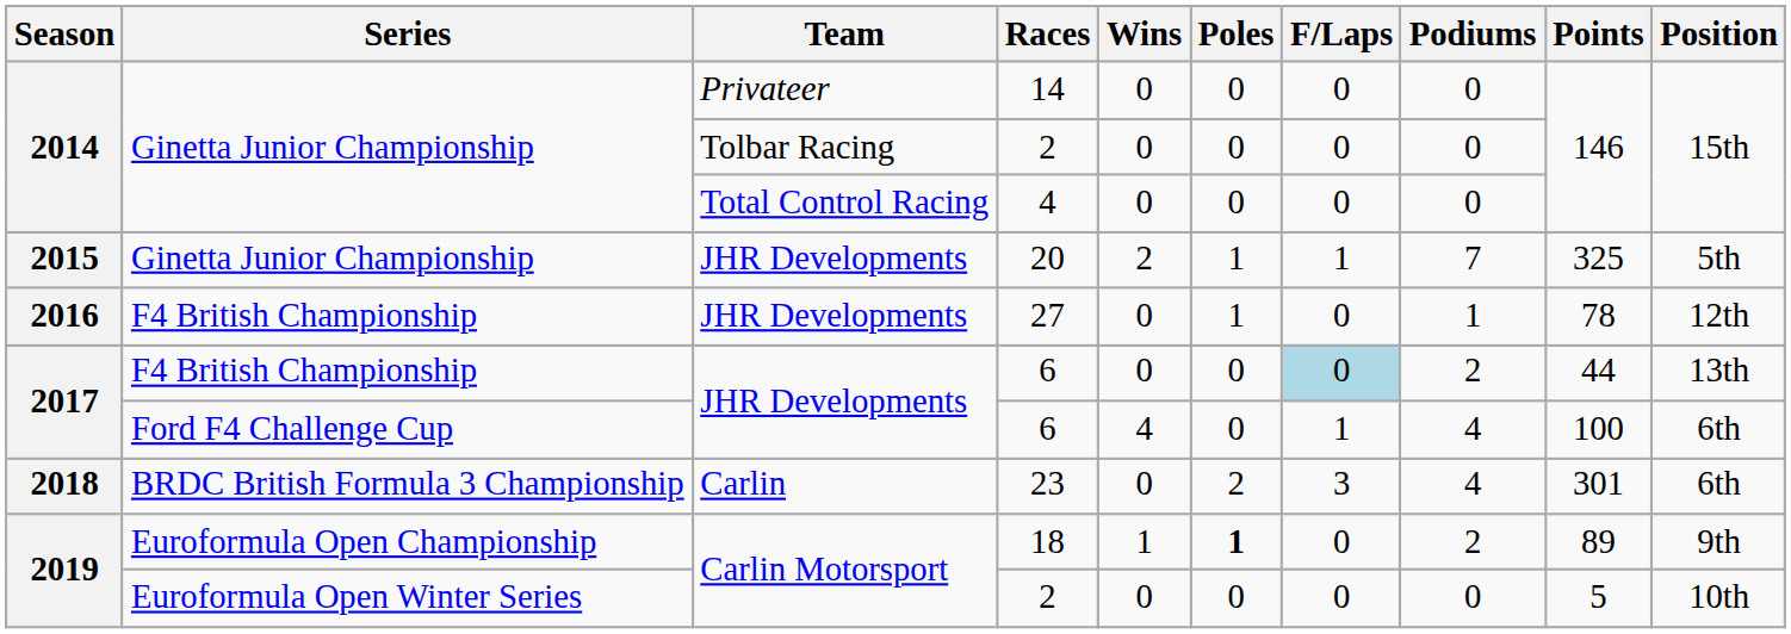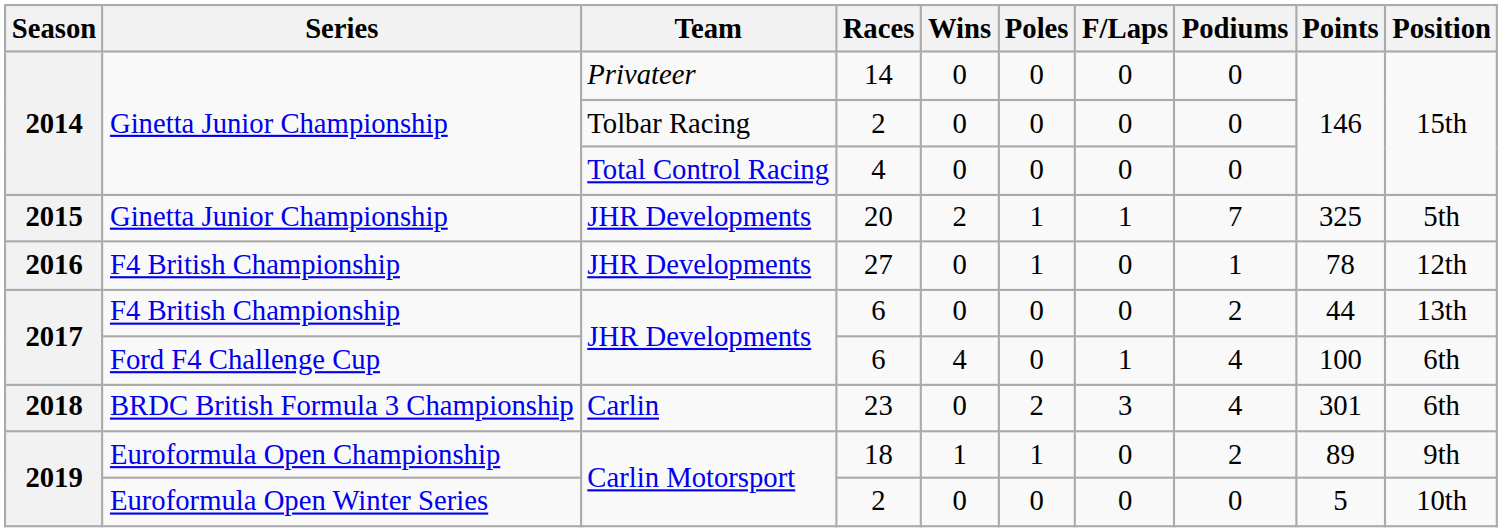 <table class="wikitable" style="font-size: 85%; text-align:center">
 <tr>
 <th>Season</th>
 <th>Series</th>
 <th>Team</th>
 <th>Races</th>
 <th>Wins</th>
 <th>Poles</th>
 <th>F/Laps</th>
 <th>Podiums</th>
 <th>Points</th>
 <th>Position</th>
 </tr>
 <tr>
 <th rowspan=3>2014</th>
 <td align=left rowspan=3><a href='#'>Ginetta Junior Championship</a></td>
 <td align=left><em>Privateer</em></td>
 <td>14</td>
 <td>0</td>
 <td>0</td>
 <td>0</td>
 <td>0</td>
 <td rowspan=3>146</td>
 <td rowspan=3>15th</td>
 </tr>
 <tr>
 <td align=left>Tolbar Racing</td>
 <td>2</td>
 <td>0</td>
 <td>0</td>
 <td>0</td>
 <td>0</td>
 </tr>
 <tr>
 <td align=left><a href='#'>Total Control Racing</a></td>
 <td>4</td>
 <td>0</td>
 <td>0</td>
 <td>0</td>
 <td>0</td>
 </tr>
 <tr>
 <th>2015</th>
 <td align=left><a href='#'>Ginetta Junior Championship</a></td>
 <td align=left><a href='#'>JHR Developments</a></td>
 <td>20</td>
 <td>2</td>
 <td>1</td>
 <td>1</td>
 <td>7</td>
 <td>325</td>
 <td>5th</td>
 </tr>
 <tr>
 <th>2016</th>
 <td align=left><a href='#'>F4 British Championship</a></td>
 <td align=left><a href='#'>JHR Developments</a></td>
 <td>27</td>
 <td>0</td>
 <td>1</td>
 <td>0</td>
 <td>1</td>
 <td>78</td>
 <td>12th</td>
 </tr>
 <tr>
 <th rowspan=2>2017</th>
 <td align=left><a href='#'>F4 British Championship</a></td>
 <td rowspan=2 align=left><a href='#'>JHR Developments</a></td>
 <td>6</td>
 <td>0</td>
 <td>0</td>
-<td style="background: lightblue;">0</td>
+<td>0</td>
 <td>2</td>
 <td>44</td>
 <td>13th</td>
 </tr>
 <tr>
 <td align=left><a href='#'>Ford F4 Challenge Cup</a></td>
 <td>6</td>
 <td>4</td>
 <td>0</td>
 <td>1</td>
 <td>4</td>
 <td>100</td>
 <td>6th</td>
 </tr>
 <tr>
 <th>2018</th>
 <td align=left><a href='#'>BRDC British Formula 3 Championship</a></td>
 <td align=left><a href='#'>Carlin</a></td>
 <td>23</td>
 <td>0</td>
 <td>2</td>
 <td>3</td>
 <td>4</td>
 <td>301</td>
 <td>6th</td>
 </tr>
 <tr>
 <th rowspan=2>2019</th>
 <td align=left><a href='#'>Euroformula Open Championship</a></td>
 <td rowspan=2 align=left><a href='#'>Carlin Motorsport</a></td>
 <td>18</td>
 <td>1</td>
-<td><strong>1</strong></td>
+<td>1</td>
 <td>0</td>
 <td>2</td>
 <td>89</td>
 <td>9th</td>
 </tr>
 <tr>
 <td align=left><a href='#'>Euroformula Open Winter Series</a></td>
 <td>2</td>
 <td>0</td>
 <td>0</td>
 <td>0</td>
 <td>0</td>
 <td>5</td>
 <td>10th</td>
 </tr>
 </table>
